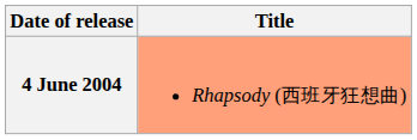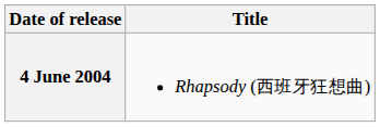 <table class="wikitable sortable">
 <tr>
 <th align="center">Date of release</th>
 <th align="left">Title</th>
 </tr>
 <tr>
 <th align="left">4 June 2004</th>
-<td align="left" style="background: lightsalmon;"><br><ul><li><em>Rhapsody</em> (西班牙狂想曲)</li></ul></td>
+<td align="left"><br><ul><li><em>Rhapsody</em> (西班牙狂想曲)</li></ul></td>
 </tr>
 </table>
